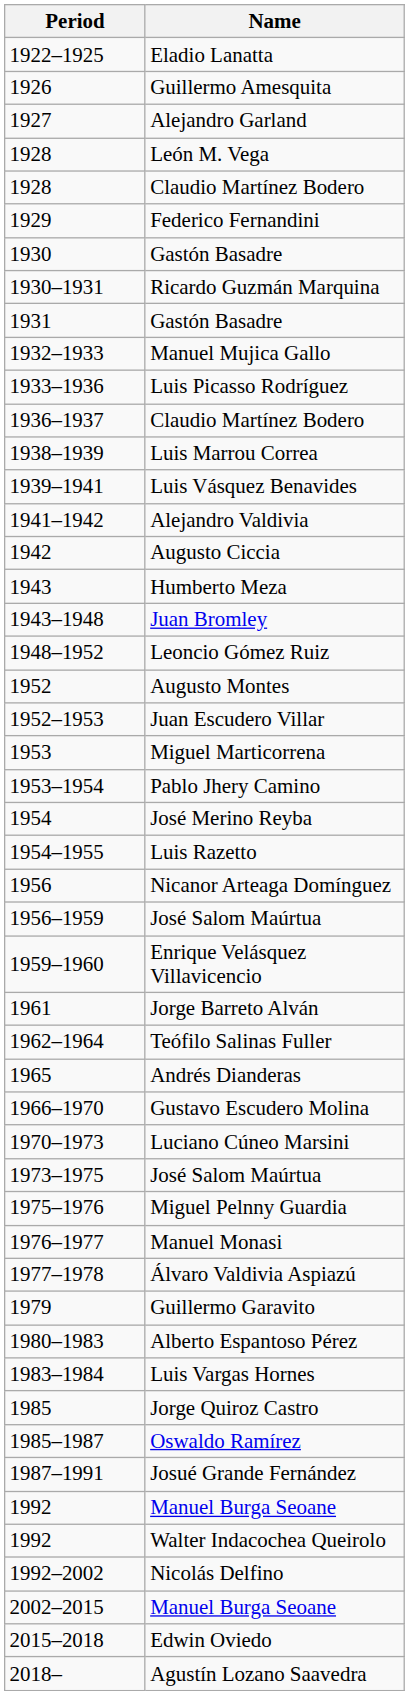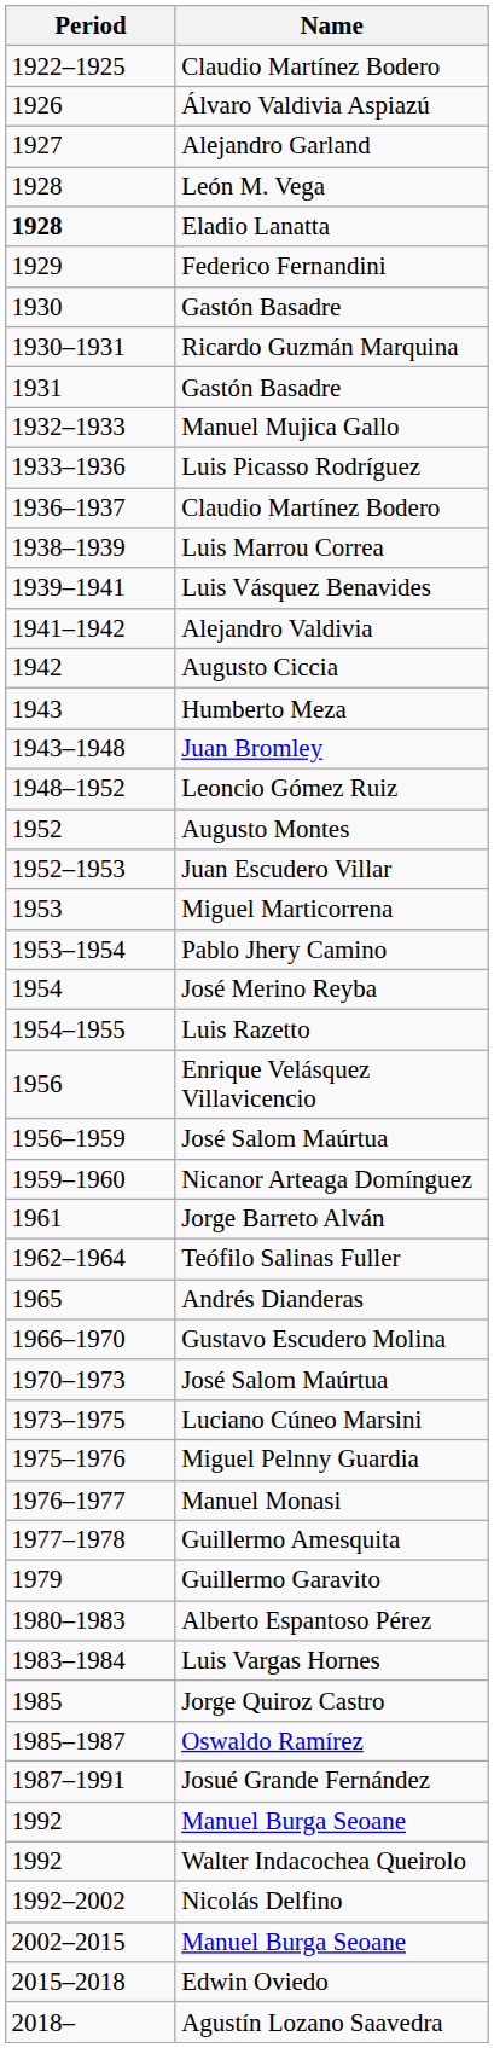 <table class="wikitable sortable">
 <tr>
 <th width=100px>Period</th>
 <th width=190px>Name</th>
 </tr>
 <tr>
 <td>1922–1925</td>
-<td>Eladio Lanatta</td>
+<td>Claudio Martínez Bodero</td>
 </tr>
 <tr>
 <td>1926</td>
-<td>Guillermo Amesquita</td>
+<td>Álvaro Valdivia Aspiazú</td>
 </tr>
 <tr>
 <td>1927</td>
 <td>Alejandro Garland</td>
 </tr>
 <tr>
 <td>1928</td>
 <td>León M. Vega</td>
 </tr>
 <tr>
-<td>1928</td>
-<td>Claudio Martínez Bodero</td>
+<td><strong>1928</strong></td>
+<td>Eladio Lanatta</td>
 </tr>
 <tr>
 <td>1929</td>
 <td>Federico Fernandini</td>
 </tr>
 <tr>
 <td>1930</td>
 <td>Gastón Basadre</td>
 </tr>
 <tr>
 <td>1930–1931</td>
 <td>Ricardo Guzmán Marquina</td>
 </tr>
 <tr>
 <td>1931</td>
 <td>Gastón Basadre</td>
 </tr>
 <tr>
 <td>1932–1933</td>
 <td>Manuel Mujica Gallo</td>
 </tr>
 <tr>
 <td>1933–1936</td>
 <td>Luis Picasso Rodríguez</td>
 </tr>
 <tr>
 <td>1936–1937</td>
 <td>Claudio Martínez Bodero</td>
 </tr>
 <tr>
 <td>1938–1939</td>
 <td>Luis Marrou Correa</td>
 </tr>
 <tr>
 <td>1939–1941</td>
 <td>Luis Vásquez Benavides</td>
 </tr>
 <tr>
 <td>1941–1942</td>
 <td>Alejandro Valdivia</td>
 </tr>
 <tr>
 <td>1942</td>
 <td>Augusto Ciccia</td>
 </tr>
 <tr>
 <td>1943</td>
 <td>Humberto Meza</td>
 </tr>
 <tr>
 <td>1943–1948</td>
 <td><a href='#'>Juan Bromley</a></td>
 </tr>
 <tr>
 <td>1948–1952</td>
 <td>Leoncio Gómez Ruiz</td>
 </tr>
 <tr>
 <td>1952</td>
 <td>Augusto Montes</td>
 </tr>
 <tr>
 <td>1952–1953</td>
 <td>Juan Escudero Villar</td>
 </tr>
 <tr>
 <td>1953</td>
 <td>Miguel Marticorrena</td>
 </tr>
 <tr>
 <td>1953–1954</td>
 <td>Pablo Jhery Camino</td>
 </tr>
 <tr>
 <td>1954</td>
 <td>José Merino Reyba</td>
 </tr>
 <tr>
 <td>1954–1955</td>
 <td>Luis Razetto</td>
 </tr>
 <tr>
 <td>1956</td>
-<td>Nicanor Arteaga Domínguez</td>
+<td>Enrique Velásquez Villavicencio</td>
 </tr>
 <tr>
 <td>1956–1959</td>
 <td>José Salom Maúrtua</td>
 </tr>
 <tr>
 <td>1959–1960</td>
-<td>Enrique Velásquez Villavicencio</td>
+<td>Nicanor Arteaga Domínguez</td>
 </tr>
 <tr>
 <td>1961</td>
 <td>Jorge Barreto Alván</td>
 </tr>
 <tr>
 <td>1962–1964</td>
 <td>Teófilo Salinas Fuller</td>
 </tr>
 <tr>
 <td>1965</td>
 <td>Andrés Dianderas</td>
 </tr>
 <tr>
 <td>1966–1970</td>
 <td>Gustavo Escudero Molina</td>
 </tr>
 <tr>
 <td>1970–1973</td>
-<td>Luciano Cúneo Marsini</td>
+<td>José Salom Maúrtua</td>
 </tr>
 <tr>
 <td>1973–1975</td>
-<td>José Salom Maúrtua</td>
+<td>Luciano Cúneo Marsini</td>
 </tr>
 <tr>
 <td>1975–1976</td>
 <td>Miguel Pelnny Guardia</td>
 </tr>
 <tr>
 <td>1976–1977</td>
 <td>Manuel Monasi</td>
 </tr>
 <tr>
 <td>1977–1978</td>
-<td>Álvaro Valdivia Aspiazú</td>
+<td>Guillermo Amesquita</td>
 </tr>
 <tr>
 <td>1979</td>
 <td>Guillermo Garavito</td>
 </tr>
 <tr>
 <td>1980–1983</td>
 <td>Alberto Espantoso Pérez</td>
 </tr>
 <tr>
 <td>1983–1984</td>
 <td>Luis Vargas Hornes</td>
 </tr>
 <tr>
 <td>1985</td>
 <td>Jorge Quiroz Castro</td>
 </tr>
 <tr>
 <td>1985–1987</td>
 <td><a href='#'>Oswaldo Ramírez</a></td>
 </tr>
 <tr>
 <td>1987–1991</td>
 <td>Josué Grande Fernández</td>
 </tr>
 <tr>
 <td>1992</td>
 <td><a href='#'>Manuel Burga Seoane</a></td>
 </tr>
 <tr>
 <td>1992</td>
 <td>Walter Indacochea Queirolo</td>
 </tr>
 <tr>
 <td>1992–2002</td>
 <td>Nicolás Delfino</td>
 </tr>
 <tr>
 <td>2002–2015</td>
 <td><a href='#'>Manuel Burga Seoane</a></td>
 </tr>
 <tr>
 <td>2015–2018</td>
 <td>Edwin Oviedo</td>
 </tr>
 <tr>
 <td>2018–</td>
 <td>Agustín Lozano Saavedra</td>
 </tr>
 </table>
